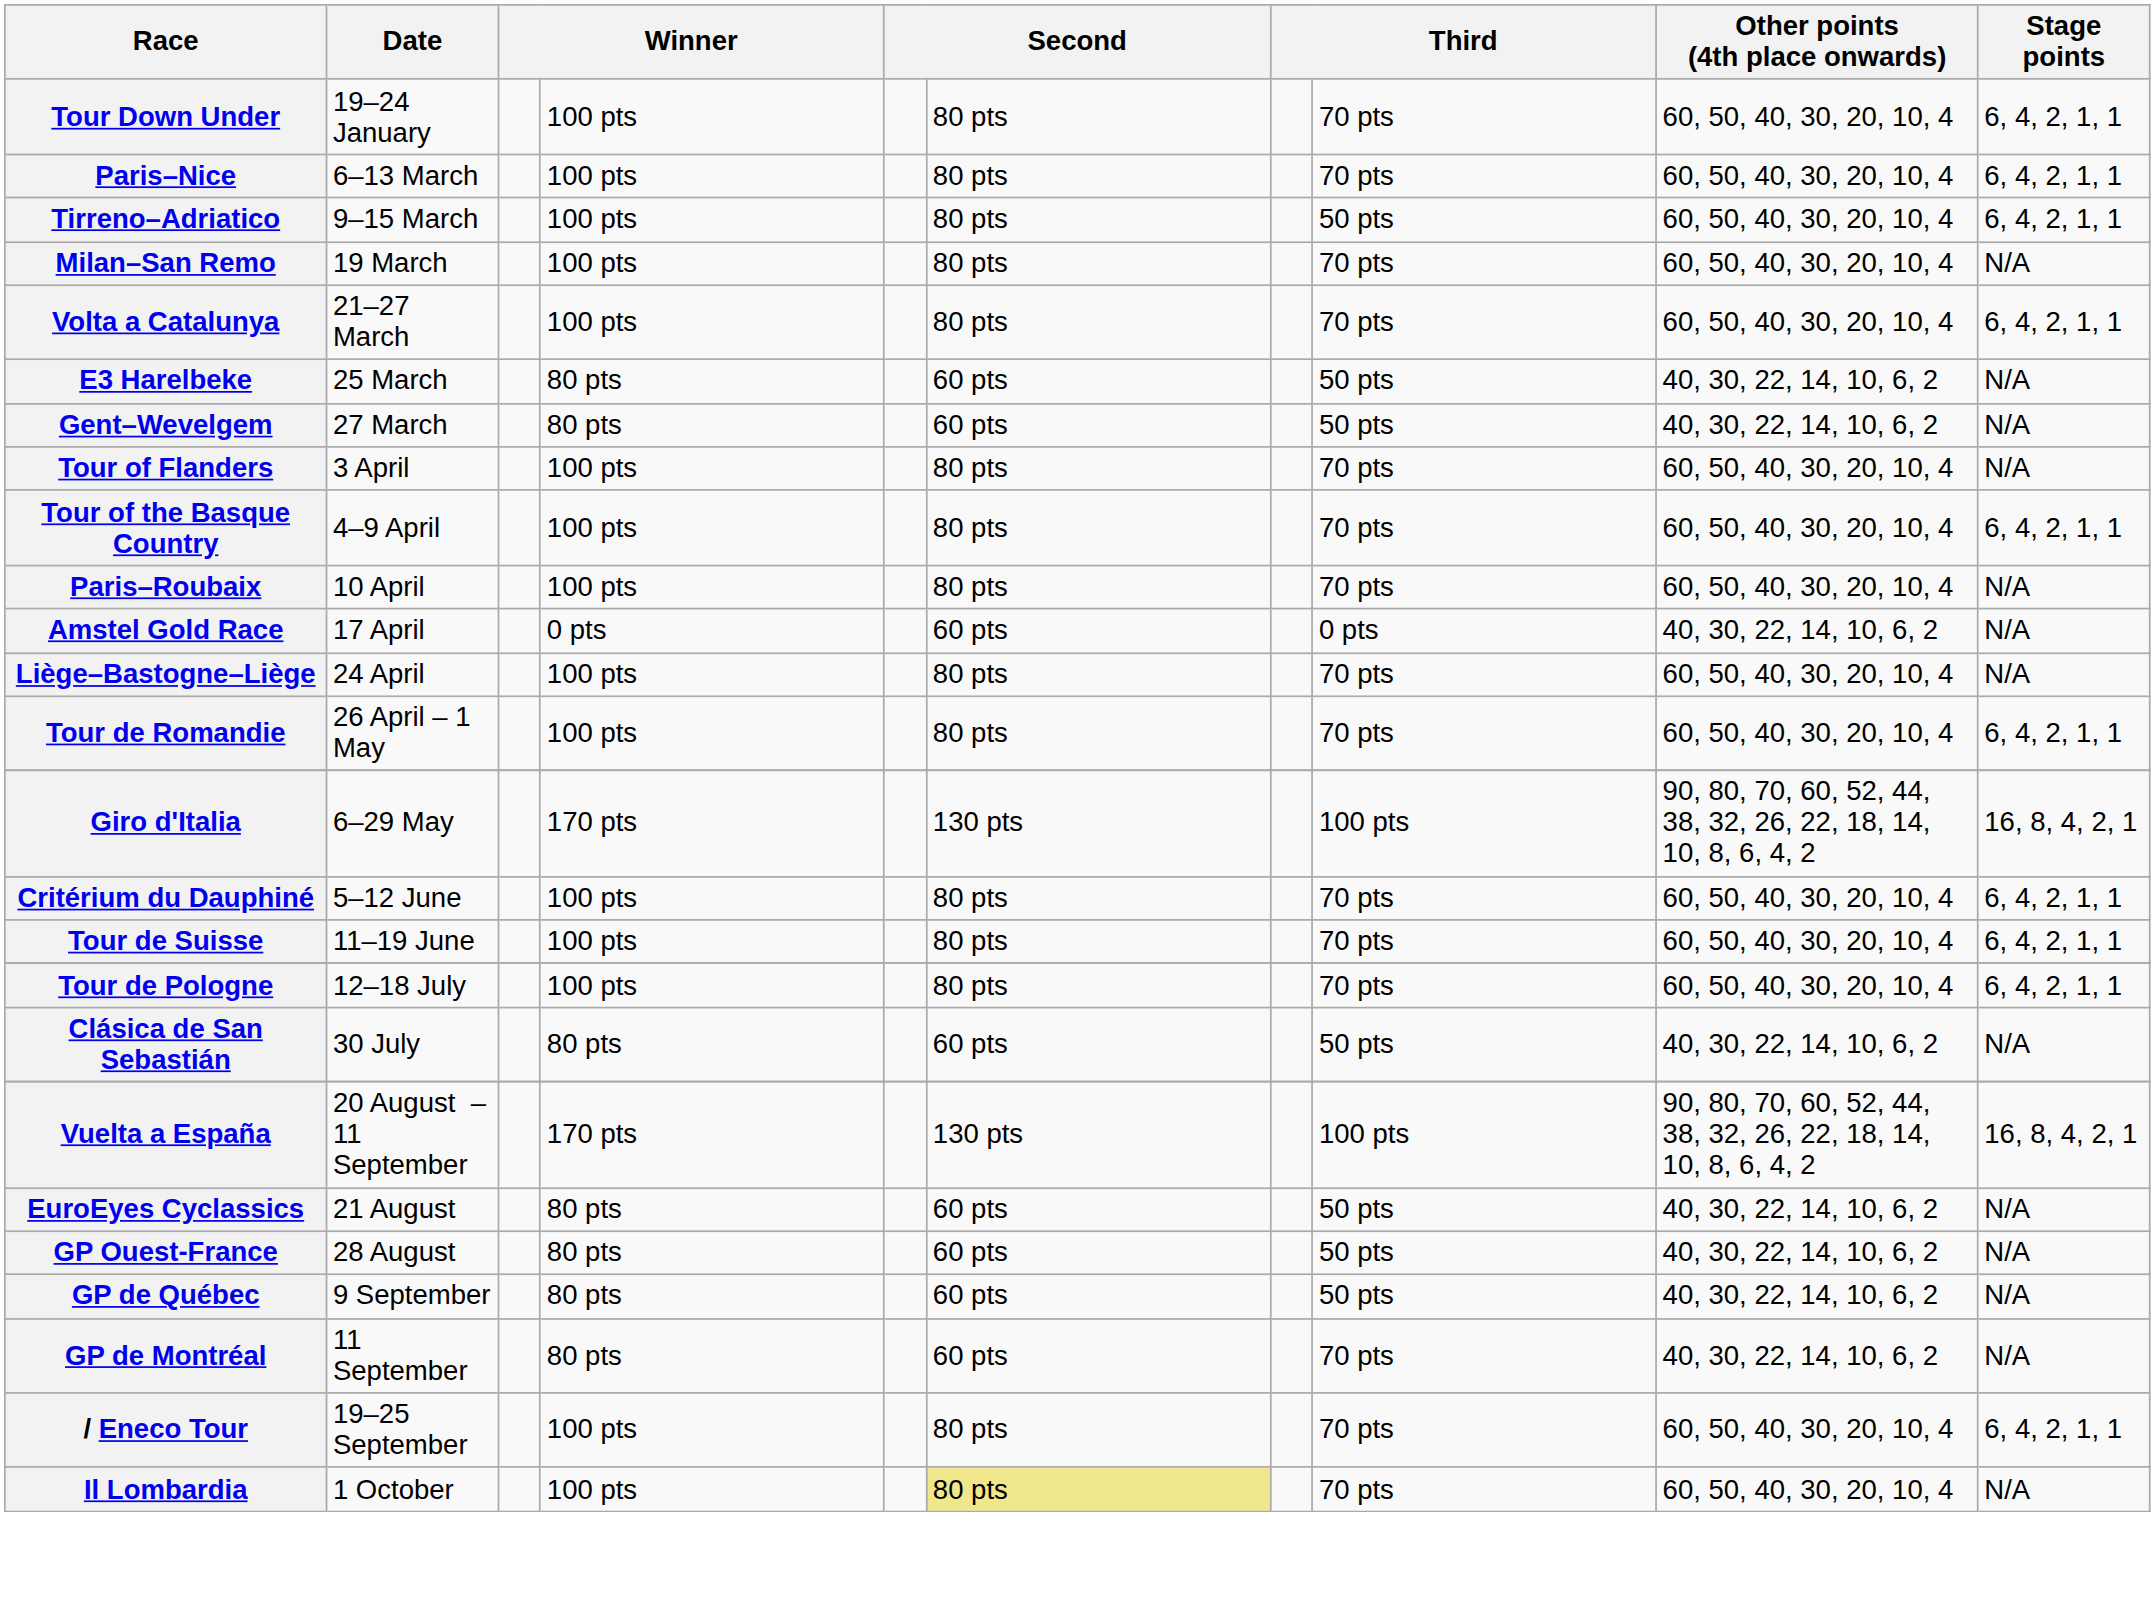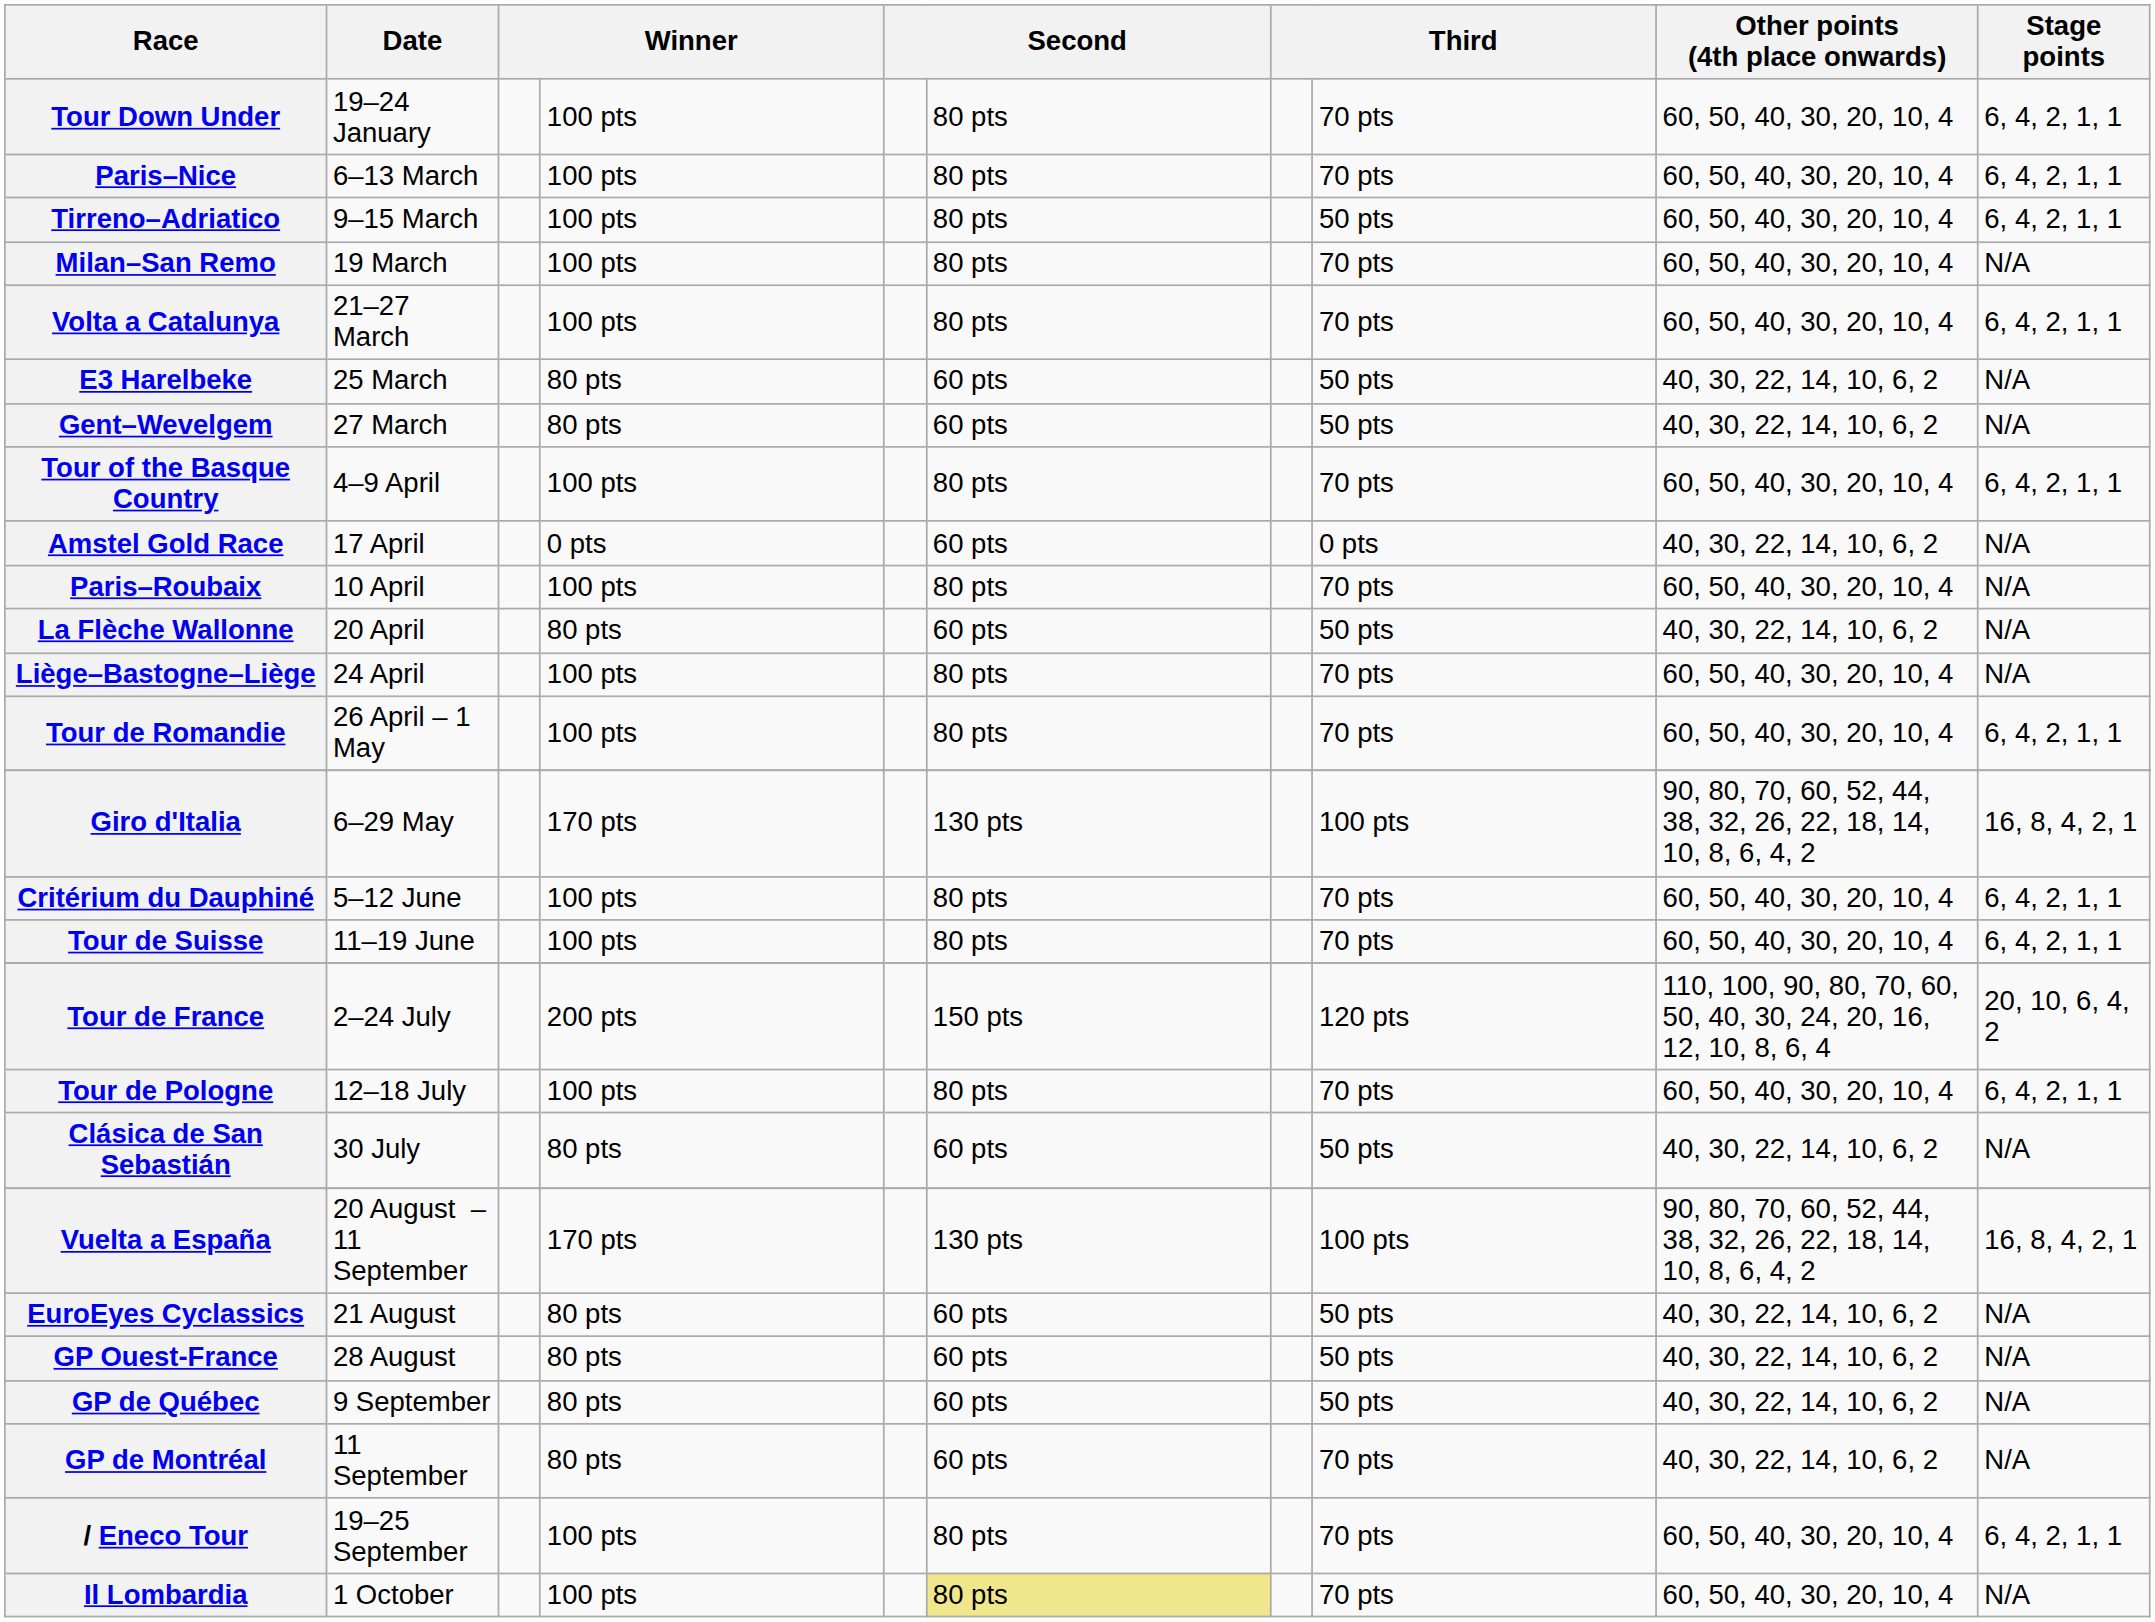 <table class="wikitable plainrowheaders">
 <tr>
 <th scope="col" style="width:15%">Race</th>
 <th scope="col" style="width:8%">Date</th>
 <th scope="col" style="width:18%;" colspan="2">Winner</th>
 <th scope="col" style="width:18%;" colspan="2">Second</th>
 <th scope="col" style="width:18%;" colspan="2">Third</th>
 <th scope="col" style="width:15%">Other points<br>(4th place onwards)</th>
 <th scope="col" style="width:10%">Stage points</th>
 </tr>
 <tr>
 <th scope="row"> <a href='#'>Tour Down Under</a></th>
 <td>19–24 January</td>
 <td></td>
 <td>100 pts</td>
 <td></td>
 <td>80 pts</td>
 <td></td>
 <td>70 pts</td>
 <td>60, 50, 40, 30, 20, 10, 4</td>
 <td>6, 4, 2, 1, 1</td>
 </tr>
 <tr>
 <th scope="row"> <a href='#'>Paris–Nice</a></th>
 <td>6–13 March</td>
 <td></td>
 <td>100 pts</td>
 <td></td>
 <td>80 pts</td>
 <td></td>
 <td>70 pts</td>
 <td>60, 50, 40, 30, 20, 10, 4</td>
 <td>6, 4, 2, 1, 1</td>
 </tr>
 <tr>
 <th scope="row"> <a href='#'>Tirreno–Adriatico</a></th>
 <td>9–15 March</td>
 <td></td>
 <td>100 pts</td>
 <td></td>
 <td>80 pts</td>
 <td></td>
 <td>50 pts</td>
 <td>60, 50, 40, 30, 20, 10, 4</td>
 <td>6, 4, 2, 1, 1</td>
 </tr>
 <tr>
 <th scope="row"> <a href='#'>Milan–San Remo</a></th>
 <td>19 March</td>
 <td></td>
 <td>100 pts</td>
 <td></td>
 <td>80 pts</td>
 <td></td>
 <td>70 pts</td>
 <td>60, 50, 40, 30, 20, 10, 4</td>
 <td style="align:center;">N/A</td>
 </tr>
 <tr>
 <th scope="row"> <a href='#'>Volta a Catalunya</a></th>
 <td>21–27 March</td>
 <td></td>
 <td>100 pts</td>
 <td></td>
 <td>80 pts</td>
 <td></td>
 <td>70 pts</td>
 <td>60, 50, 40, 30, 20, 10, 4</td>
 <td>6, 4, 2, 1, 1</td>
 </tr>
 <tr>
 <th scope="row"> <a href='#'>E3 Harelbeke</a></th>
 <td>25 March</td>
 <td></td>
 <td>80 pts</td>
 <td></td>
 <td>60 pts</td>
 <td></td>
 <td>50 pts</td>
 <td>40, 30, 22, 14, 10, 6, 2</td>
 <td style="align:center;">N/A</td>
 </tr>
 <tr>
 <th scope="row"> <a href='#'>Gent–Wevelgem</a></th>
 <td>27 March</td>
 <td></td>
 <td>80 pts</td>
 <td></td>
 <td>60 pts</td>
 <td></td>
 <td>50 pts</td>
 <td>40, 30, 22, 14, 10, 6, 2</td>
 <td style="align:center;">N/A</td>
 </tr>
 <tr>
-<th scope="row"> <a href='#'>Tour of Flanders</a></th>
-<td>3 April</td>
-<td></td>
-<td>100 pts</td>
-<td></td>
-<td>80 pts</td>
-<td></td>
-<td>70 pts</td>
-<td>60, 50, 40, 30, 20, 10, 4</td>
-<td style="align:center;">N/A</td>
-</tr>
-<tr>
 <th scope="row"> <a href='#'>Tour of the Basque Country</a></th>
 <td>4–9 April</td>
 <td></td>
 <td>100 pts</td>
 <td></td>
 <td>80 pts</td>
 <td></td>
 <td>70 pts</td>
 <td>60, 50, 40, 30, 20, 10, 4</td>
 <td>6, 4, 2, 1, 1</td>
+</tr>
+<tr>
+<th scope="row"> <a href='#'>Amstel Gold Race</a></th>
+<td>17 April</td>
+<td></td>
+<td>0 pts</td>
+<td></td>
+<td>60 pts</td>
+<td></td>
+<td>0 pts</td>
+<td>40, 30, 22, 14, 10, 6, 2</td>
+<td style="align:center;">N/A</td>
 </tr>
 <tr>
 <th scope="row"> <a href='#'>Paris–Roubaix</a></th>
 <td>10 April</td>
 <td></td>
 <td>100 pts</td>
 <td></td>
 <td>80 pts</td>
 <td></td>
 <td>70 pts</td>
 <td>60, 50, 40, 30, 20, 10, 4</td>
 <td style="align:center;">N/A</td>
 </tr>
 <tr>
-<th scope="row"> <a href='#'>Amstel Gold Race</a></th>
-<td>17 April</td>
+<th scope="row"> <a href='#'>La Flèche Wallonne</a></th>
+<td>20 April</td>
 <td></td>
-<td>0 pts</td>
+<td>80 pts</td>
 <td></td>
 <td>60 pts</td>
 <td></td>
-<td>0 pts</td>
+<td>50 pts</td>
 <td>40, 30, 22, 14, 10, 6, 2</td>
 <td style="align:center;">N/A</td>
 </tr>
 <tr>
 <th scope="row"> <a href='#'>Liège–Bastogne–Liège</a></th>
 <td>24 April</td>
 <td></td>
 <td>100 pts</td>
 <td></td>
 <td>80 pts</td>
 <td></td>
 <td>70 pts</td>
 <td>60, 50, 40, 30, 20, 10, 4</td>
 <td style="align:center;">N/A</td>
 </tr>
 <tr>
 <th scope="row"> <a href='#'>Tour de Romandie</a></th>
 <td>26 April – 1 May</td>
 <td></td>
 <td>100 pts</td>
 <td></td>
 <td>80 pts</td>
 <td></td>
 <td>70 pts</td>
 <td>60, 50, 40, 30, 20, 10, 4</td>
 <td>6, 4, 2, 1, 1</td>
 </tr>
 <tr>
 </tr>
 <tr>
 <th scope="row"> <a href='#'>Giro d'Italia</a></th>
 <td>6–29 May</td>
 <td></td>
 <td>170 pts</td>
 <td></td>
 <td>130 pts</td>
 <td></td>
 <td>100 pts</td>
 <td>90, 80, 70, 60, 52, 44, 38, 32, 26, 22, 18, 14, 10, 8, 6, 4, 2</td>
 <td>16, 8, 4, 2, 1</td>
 </tr>
 <tr>
 <th scope="row"> <a href='#'>Critérium du Dauphiné</a></th>
 <td>5–12 June</td>
 <td></td>
 <td>100 pts</td>
 <td></td>
 <td>80 pts</td>
 <td></td>
 <td>70 pts</td>
 <td>60, 50, 40, 30, 20, 10, 4</td>
 <td>6, 4, 2, 1, 1</td>
 </tr>
 <tr>
 <th scope="row"> <a href='#'>Tour de Suisse</a></th>
 <td>11–19 June</td>
 <td></td>
 <td>100 pts</td>
 <td></td>
 <td>80 pts</td>
 <td></td>
 <td>70 pts</td>
 <td>60, 50, 40, 30, 20, 10, 4</td>
 <td>6, 4, 2, 1, 1</td>
 </tr>
 <tr>
+</tr>
+<tr>
+<th scope="row"> <a href='#'>Tour de France</a></th>
+<td>2–24 July</td>
+<td></td>
+<td>200 pts</td>
+<td></td>
+<td>150 pts</td>
+<td></td>
+<td>120 pts</td>
+<td>110, 100, 90, 80, 70, 60, 50, 40, 30, 24, 20, 16, 12, 10, 8, 6, 4</td>
+<td>20, 10, 6, 4, 2</td>
 </tr>
 <tr>
 <th scope="row"> <a href='#'>Tour de Pologne</a></th>
 <td>12–18 July</td>
 <td></td>
 <td>100 pts</td>
 <td></td>
 <td>80 pts</td>
 <td></td>
 <td>70 pts</td>
 <td>60, 50, 40, 30, 20, 10, 4</td>
 <td>6, 4, 2, 1, 1</td>
 </tr>
 <tr>
 <th scope="row"> <a href='#'>Clásica de San Sebastián</a></th>
 <td>30 July</td>
 <td></td>
 <td>80 pts</td>
 <td></td>
 <td>60 pts</td>
 <td></td>
 <td>50 pts</td>
 <td>40, 30, 22, 14, 10, 6, 2</td>
 <td style="align:center;">N/A</td>
 </tr>
 <tr>
 </tr>
 <tr>
 <th scope="row"> <a href='#'>Vuelta a España</a></th>
 <td>20 August  – 11 September</td>
 <td></td>
 <td>170 pts</td>
 <td></td>
 <td>130 pts</td>
 <td></td>
 <td>100 pts</td>
 <td>90, 80, 70, 60, 52, 44, 38, 32, 26, 22, 18, 14, 10, 8, 6, 4, 2</td>
 <td>16, 8, 4, 2, 1</td>
 </tr>
 <tr>
 <th scope="row"> <a href='#'>EuroEyes Cyclassics</a></th>
 <td>21 August</td>
 <td></td>
 <td>80 pts</td>
 <td></td>
 <td>60 pts</td>
 <td></td>
 <td>50 pts</td>
 <td>40, 30, 22, 14, 10, 6, 2</td>
 <td style="align:center;">N/A</td>
 </tr>
 <tr>
 <th scope="row"> <a href='#'>GP Ouest-France</a></th>
 <td>28 August</td>
 <td></td>
 <td>80 pts</td>
 <td></td>
 <td>60 pts</td>
 <td></td>
 <td>50 pts</td>
 <td>40, 30, 22, 14, 10, 6, 2</td>
 <td style="align:center;">N/A</td>
 </tr>
 <tr>
 <th scope="row"> <a href='#'>GP de Québec</a></th>
 <td>9 September</td>
 <td></td>
 <td>80 pts</td>
 <td></td>
 <td>60 pts</td>
 <td></td>
 <td>50 pts</td>
 <td>40, 30, 22, 14, 10, 6, 2</td>
 <td style="align:center;">N/A</td>
 </tr>
 <tr>
 <th scope="row"> <a href='#'>GP de Montréal</a></th>
 <td>11 September</td>
 <td></td>
 <td>80 pts</td>
 <td></td>
 <td>60 pts</td>
 <td></td>
 <td>70 pts</td>
 <td>40, 30, 22, 14, 10, 6, 2</td>
 <td style="align:center;">N/A</td>
 </tr>
 <tr>
 <th scope="row">/ <a href='#'>Eneco Tour</a></th>
 <td>19–25 September</td>
 <td></td>
 <td>100 pts</td>
 <td></td>
 <td>80 pts</td>
 <td></td>
 <td>70 pts</td>
 <td>60, 50, 40, 30, 20, 10, 4</td>
 <td>6, 4, 2, 1, 1</td>
 </tr>
 <tr>
 <th scope="row"> <a href='#'>Il Lombardia</a></th>
 <td>1 October</td>
 <td></td>
 <td>100 pts</td>
 <td></td>
 <td style="background: khaki;">80 pts</td>
 <td></td>
 <td>70 pts</td>
 <td>60, 50, 40, 30, 20, 10, 4</td>
 <td style="align:center;">N/A</td>
 </tr>
 </table>
